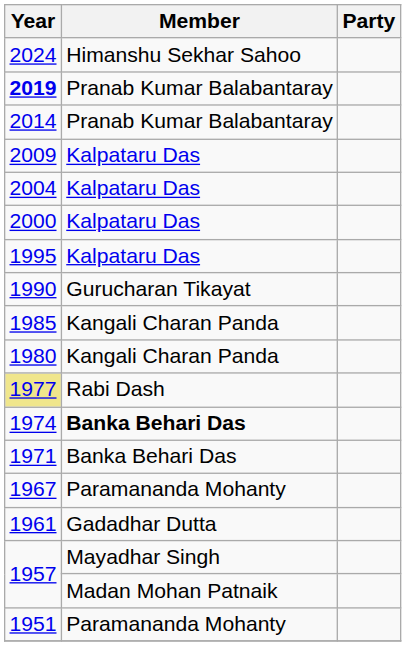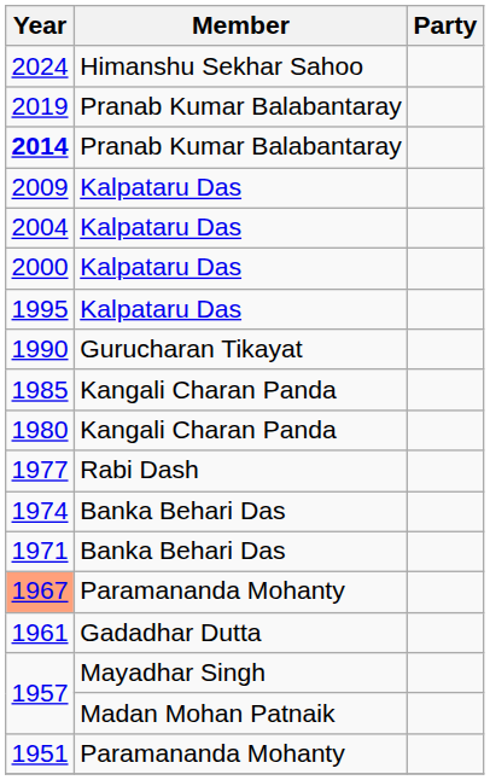 <table class="wikitable sortable">
 <tr>
 <th>Year</th>
 <th>Member</th>
 <th colspan=2>Party</th>
 </tr>
 <tr>
 <td><a href='#'>2024</a></td>
 <td>Himanshu Sekhar Sahoo</td>
 <td></td>
 </tr>
 <tr>
-<td><strong><a href='#'>2019</a></strong></td>
+<td><a href='#'>2019</a></td>
 <td>Pranab Kumar Balabantaray</td>
 <td></td>
 </tr>
 <tr>
-<td><a href='#'>2014</a></td>
+<td><strong><a href='#'>2014</a></strong></td>
 <td>Pranab Kumar Balabantaray</td>
 <td></td>
 </tr>
 <tr>
 <td><a href='#'>2009</a></td>
 <td><a href='#'>Kalpataru Das</a></td>
 <td></td>
 </tr>
 <tr>
 <td><a href='#'>2004</a></td>
 <td><a href='#'>Kalpataru Das</a></td>
 <td></td>
 </tr>
 <tr>
 <td><a href='#'>2000</a></td>
 <td><a href='#'>Kalpataru Das</a></td>
 <td></td>
 </tr>
 <tr>
 <td><a href='#'>1995</a></td>
 <td><a href='#'>Kalpataru Das</a></td>
 <td></td>
 </tr>
 <tr>
 <td><a href='#'>1990</a></td>
 <td>Gurucharan Tikayat</td>
 <td></td>
 </tr>
 <tr>
 <td><a href='#'>1985</a></td>
 <td>Kangali Charan Panda</td>
 <td></td>
 </tr>
 <tr>
 <td><a href='#'>1980</a></td>
 <td>Kangali Charan Panda</td>
 <td></td>
 </tr>
 <tr>
-<td style="background: khaki;"><a href='#'>1977</a></td>
+<td><a href='#'>1977</a></td>
 <td>Rabi Dash</td>
 <td></td>
 </tr>
 <tr>
 <td><a href='#'>1974</a></td>
-<td><strong>Banka Behari Das</strong></td>
+<td>Banka Behari Das</td>
 <td></td>
 </tr>
 <tr>
 <td><a href='#'>1971</a></td>
 <td>Banka Behari Das</td>
 <td></td>
 </tr>
 <tr>
-<td><a href='#'>1967</a></td>
+<td style="background: lightsalmon;"><a href='#'>1967</a></td>
 <td>Paramananda Mohanty</td>
 <td></td>
 </tr>
 <tr>
 <td><a href='#'>1961</a></td>
 <td>Gadadhar Dutta</td>
 <td></td>
 </tr>
 <tr>
 <td rowspan="2"><a href='#'>1957</a></td>
 <td>Mayadhar Singh</td>
 <td></td>
 </tr>
 <tr>
 <td>Madan Mohan Patnaik</td>
 <td></td>
 </tr>
 <tr>
 <td><a href='#'>1951</a></td>
 <td>Paramananda Mohanty</td>
 <td></td>
 </tr>
 <tr>
 </tr>
 </table>
